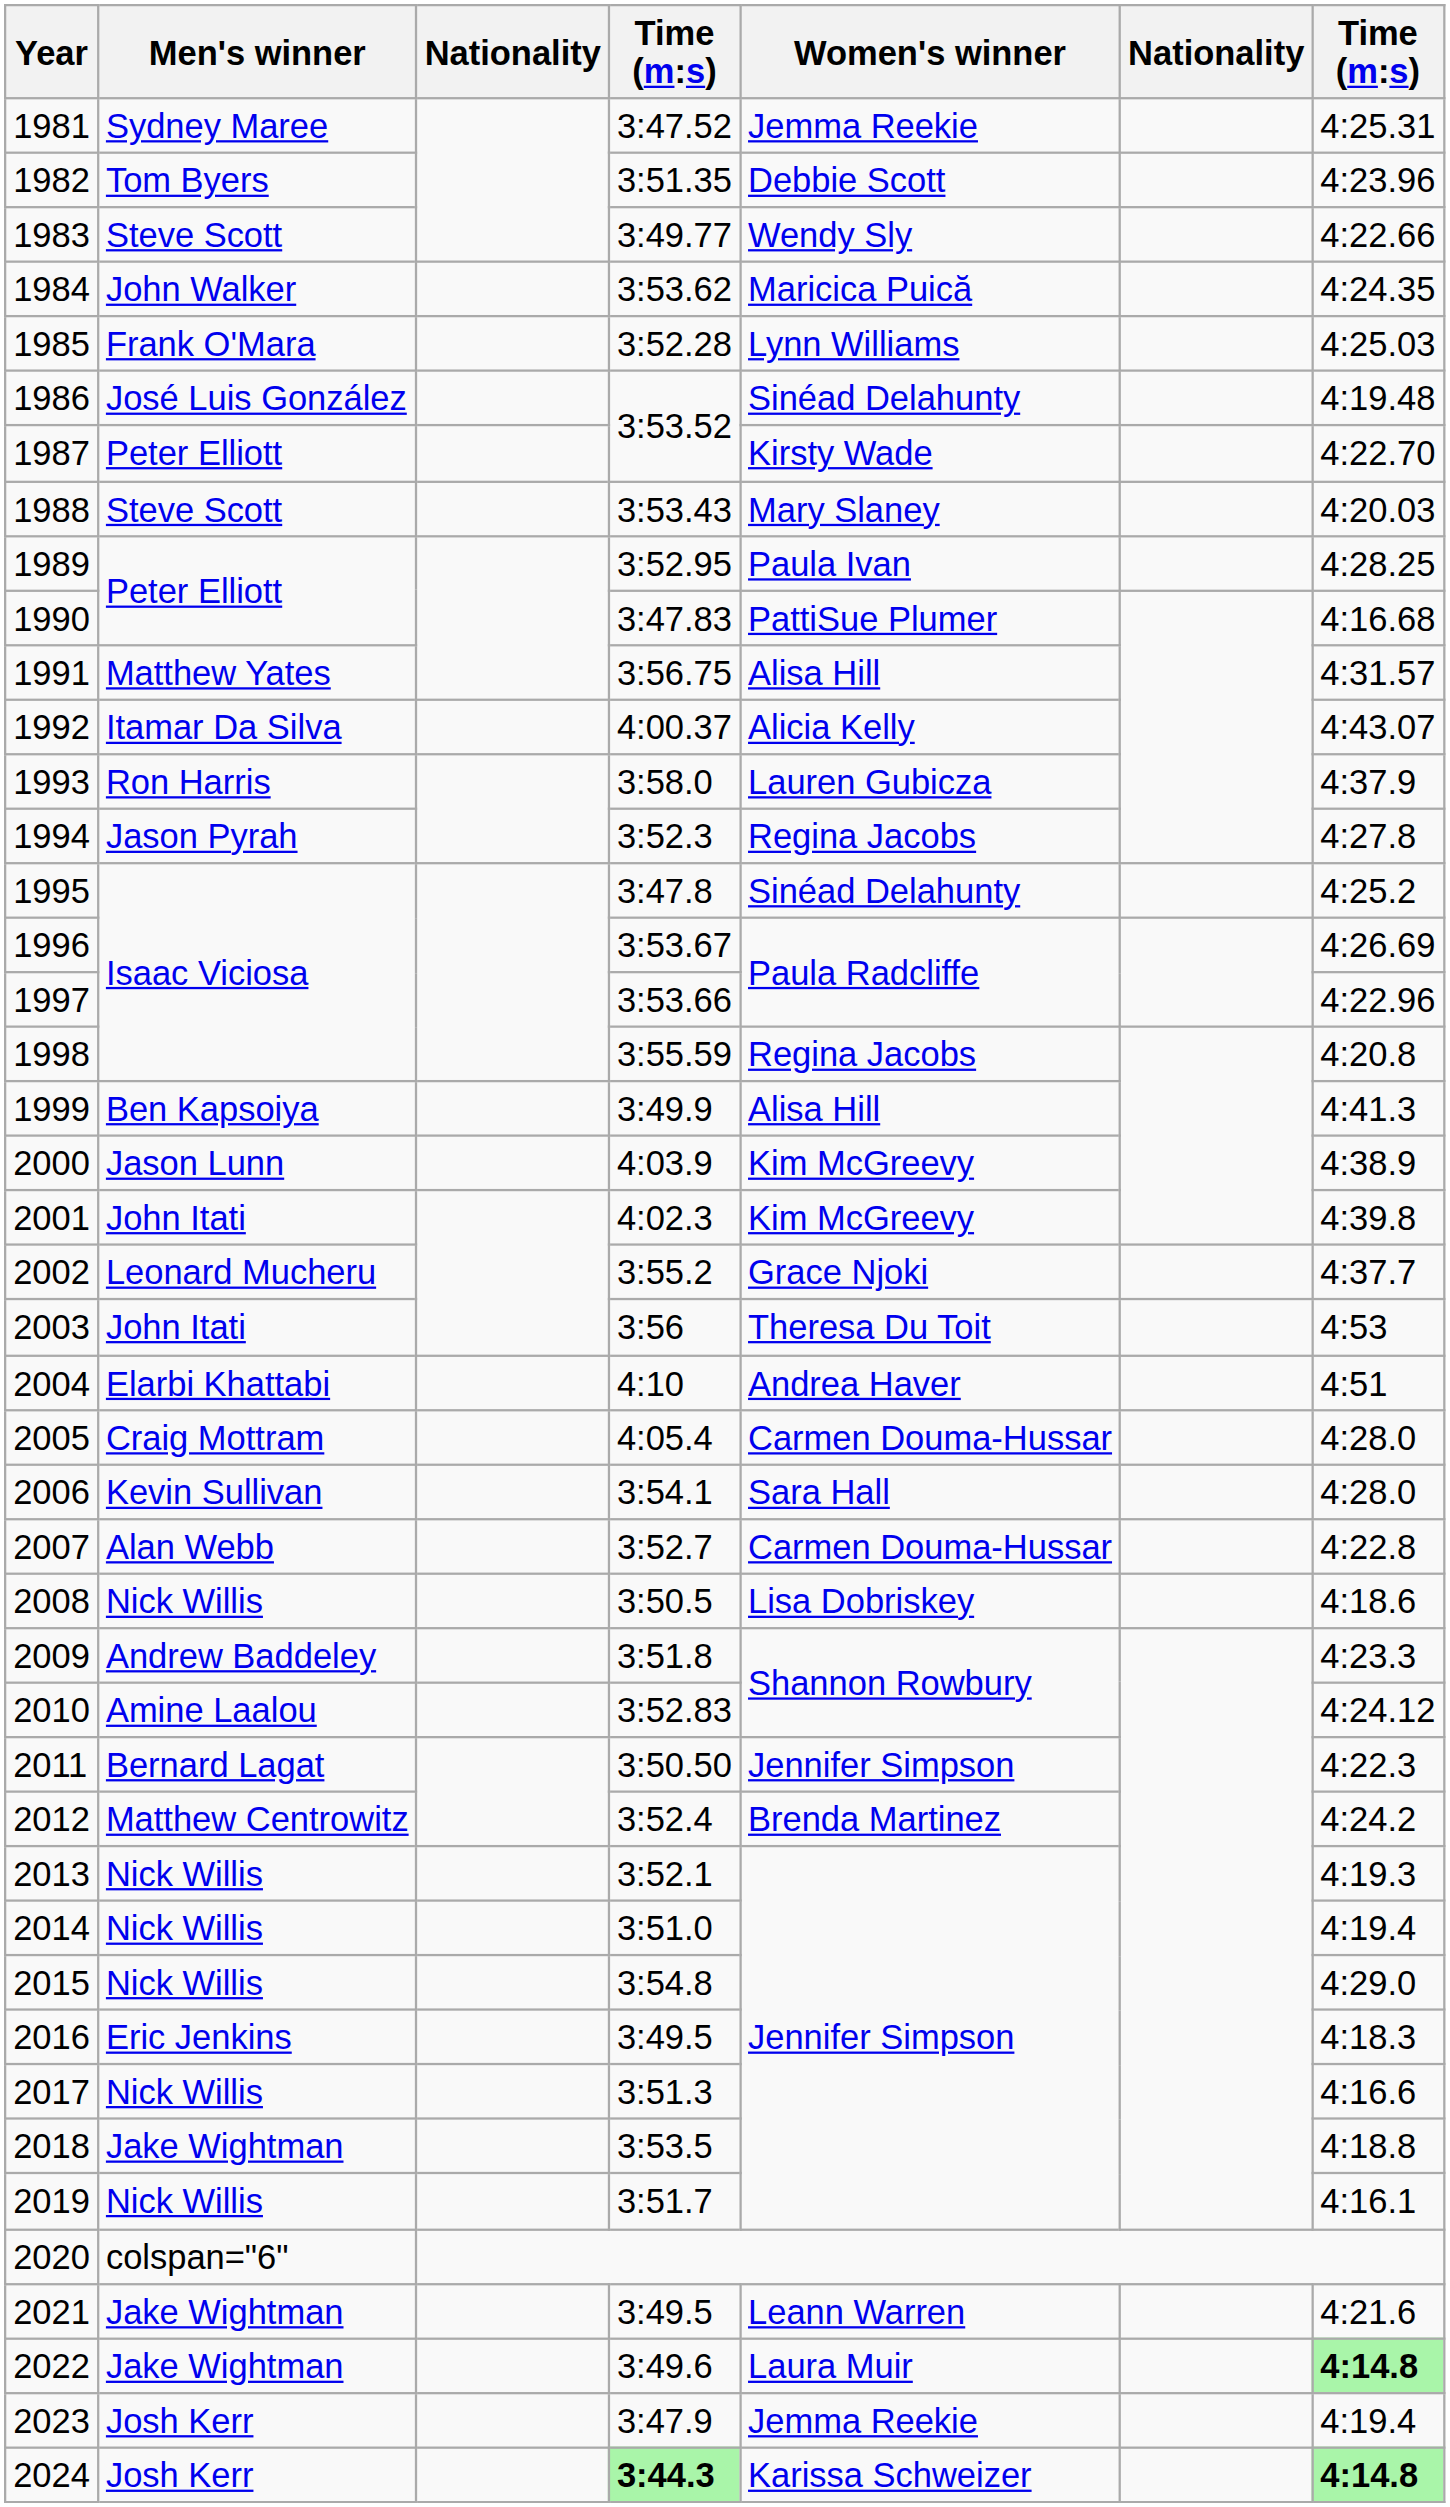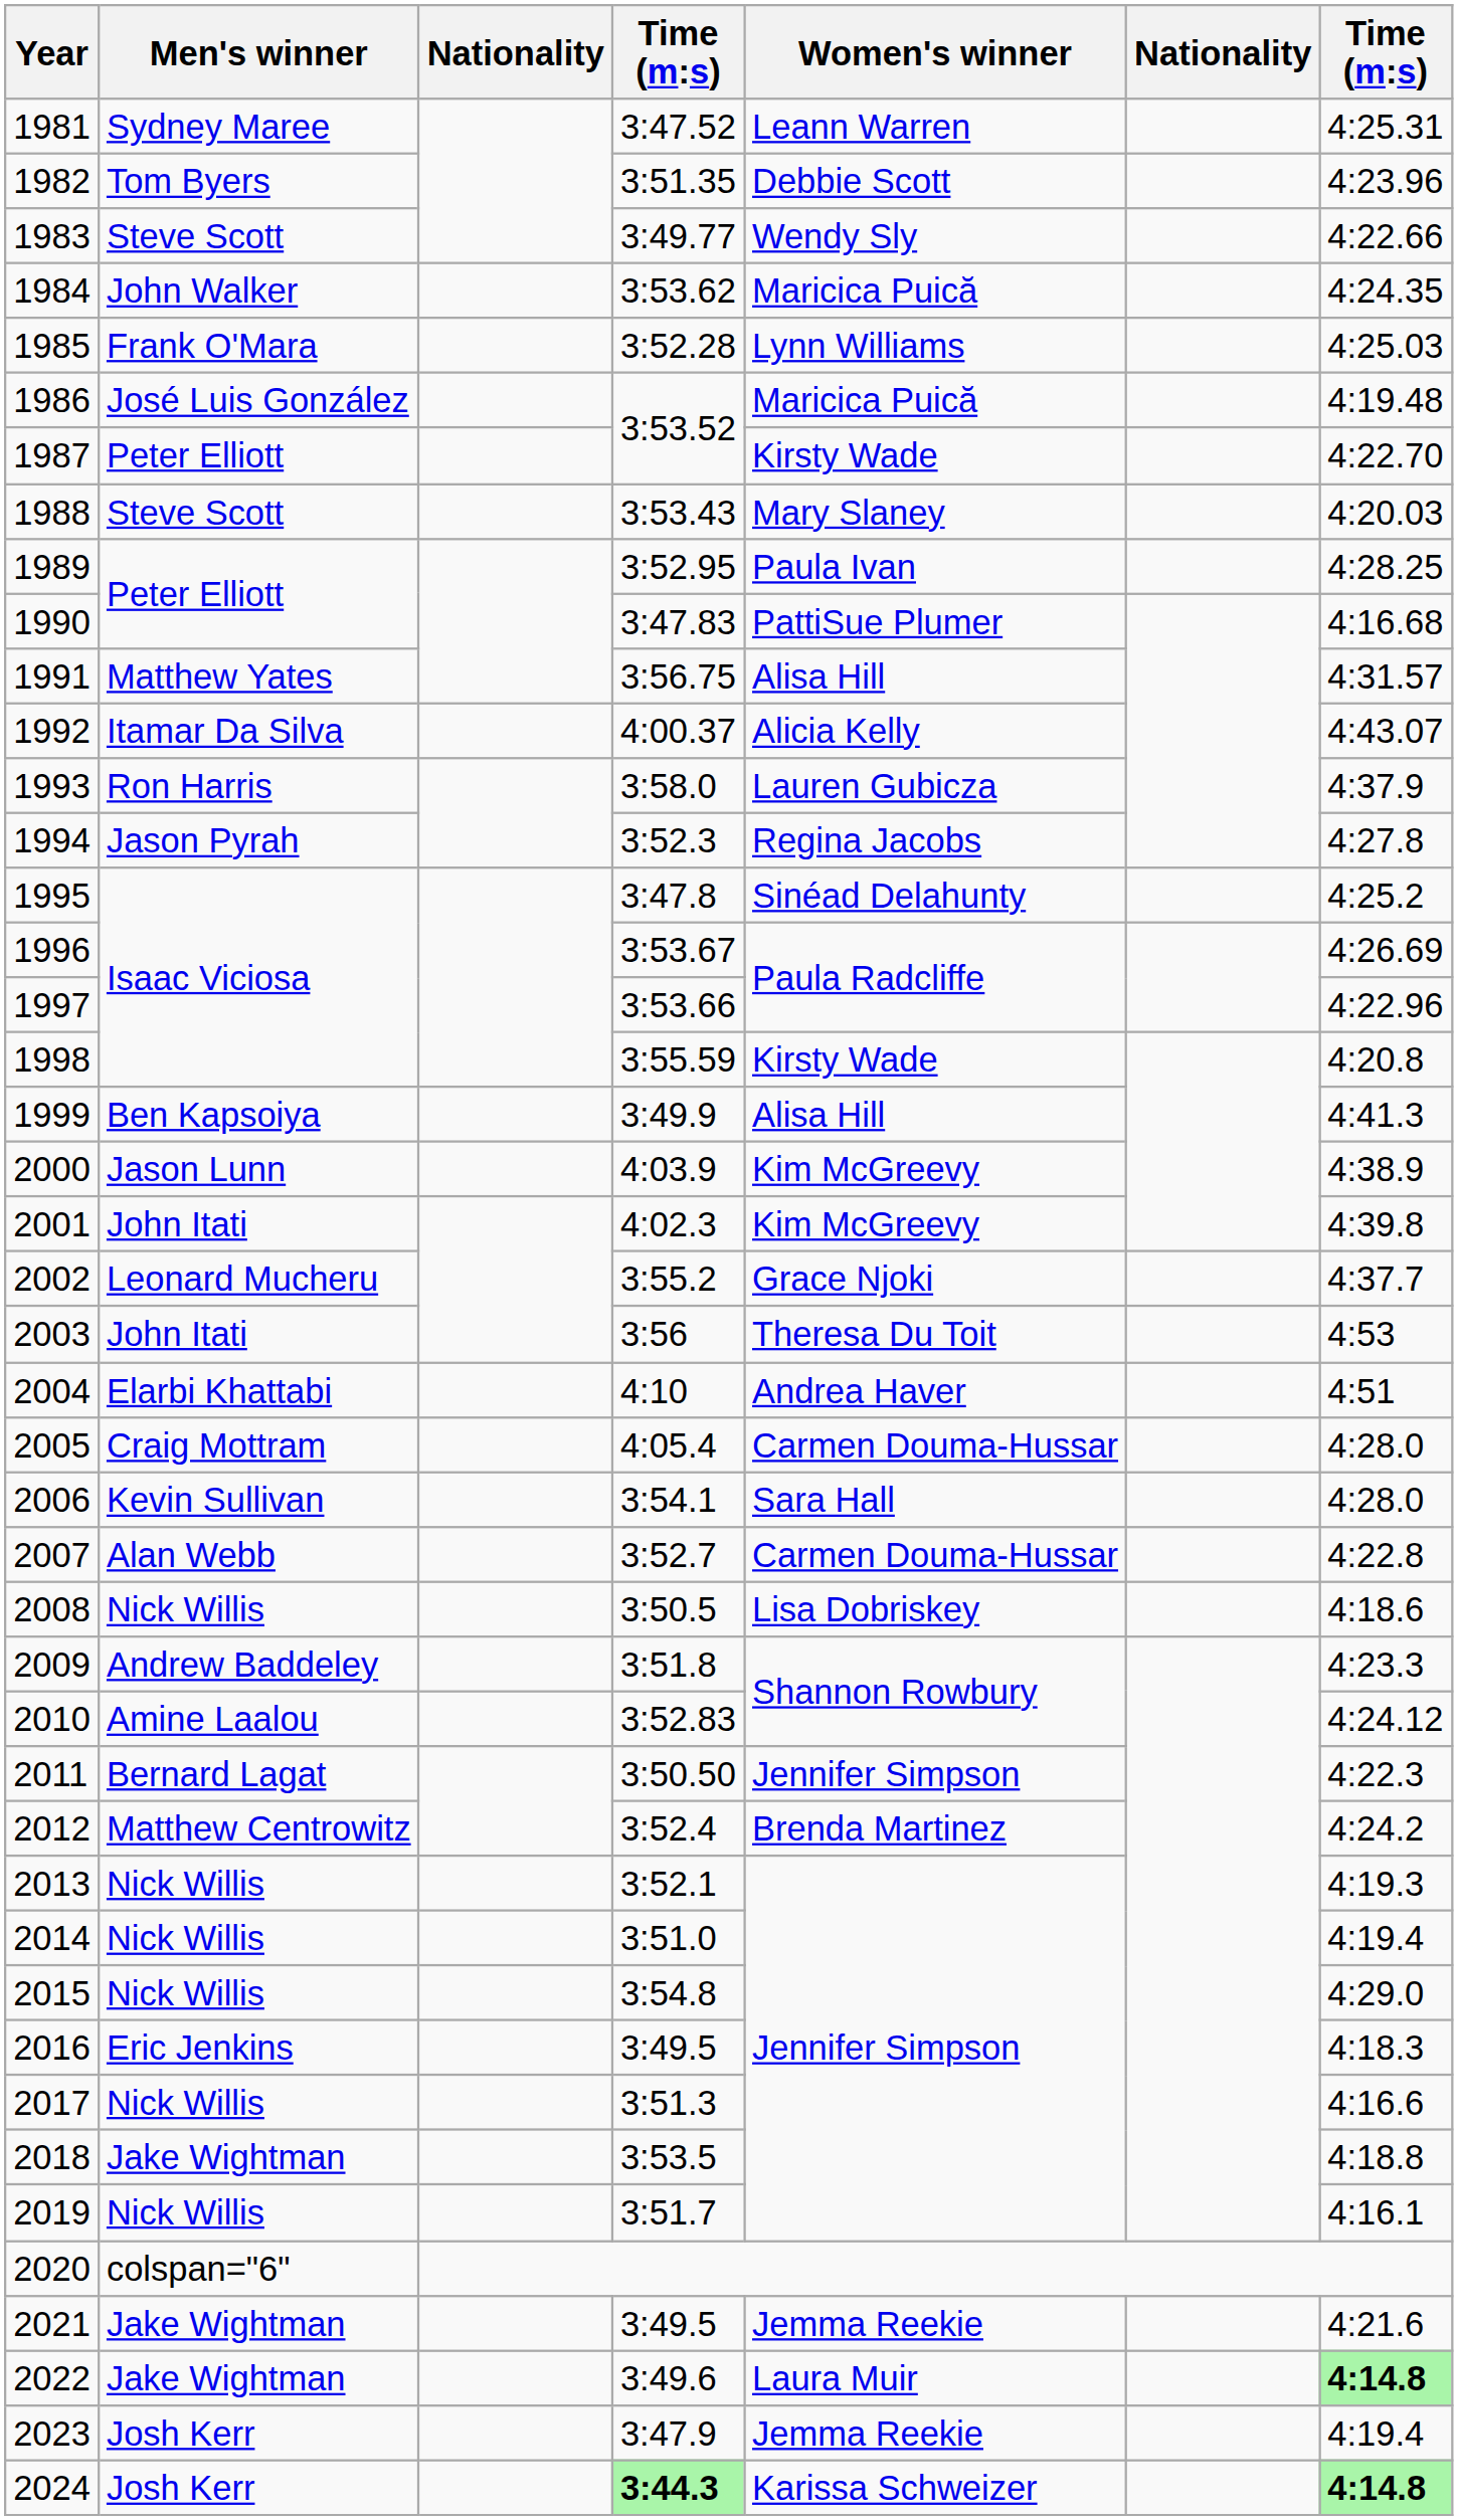 <table class="wikitable sortable" style="font-size: 95%;">
 <tr>
 <th>Year</th>
 <th>Men's winner</th>
 <th>Nationality</th>
 <th>Time<br>(<a href='#'>m</a>:<a href='#'>s</a>)</th>
 <th>Women's winner</th>
 <th>Nationality</th>
 <th>Time<br>(<a href='#'>m</a>:<a href='#'>s</a>)</th>
 </tr>
 <tr>
 <td>1981</td>
 <td><a href='#'>Sydney Maree</a></td>
 <td rowspan="3"></td>
 <td>3:47.52</td>
-<td><a href='#'>Jemma Reekie</a></td>
+<td><a href='#'>Leann Warren</a></td>
 <td></td>
 <td>4:25.31</td>
 </tr>
 <tr>
 <td>1982</td>
 <td><a href='#'>Tom Byers</a></td>
 <td>3:51.35</td>
 <td><a href='#'>Debbie Scott</a></td>
 <td></td>
 <td>4:23.96</td>
 </tr>
 <tr>
 <td>1983</td>
 <td><a href='#'>Steve Scott</a></td>
 <td>3:49.77</td>
 <td><a href='#'>Wendy Sly</a></td>
 <td></td>
 <td>4:22.66</td>
 </tr>
 <tr>
 <td>1984</td>
 <td><a href='#'>John Walker</a></td>
 <td></td>
 <td>3:53.62</td>
 <td><a href='#'>Maricica Puică</a></td>
 <td></td>
 <td>4:24.35</td>
 </tr>
 <tr>
 <td>1985</td>
 <td><a href='#'>Frank O'Mara</a></td>
 <td></td>
 <td>3:52.28</td>
 <td><a href='#'>Lynn Williams</a></td>
 <td></td>
 <td>4:25.03</td>
 </tr>
 <tr>
 <td>1986</td>
 <td><a href='#'>José Luis González</a></td>
 <td></td>
 <td rowspan="2">3:53.52</td>
-<td><a href='#'>Sinéad Delahunty</a></td>
+<td><a href='#'>Maricica Puică</a></td>
 <td></td>
 <td>4:19.48</td>
 </tr>
 <tr>
 <td>1987</td>
 <td><a href='#'>Peter Elliott</a></td>
 <td></td>
 <td><a href='#'>Kirsty Wade</a></td>
 <td></td>
 <td>4:22.70</td>
 </tr>
 <tr>
 <td>1988</td>
 <td><a href='#'>Steve Scott</a></td>
 <td></td>
 <td>3:53.43</td>
 <td><a href='#'>Mary Slaney</a></td>
 <td></td>
 <td>4:20.03</td>
 </tr>
 <tr>
 <td>1989</td>
 <td rowspan="2"><a href='#'>Peter Elliott</a></td>
 <td rowspan="3"></td>
 <td>3:52.95</td>
 <td><a href='#'>Paula Ivan</a></td>
 <td></td>
 <td>4:28.25</td>
 </tr>
 <tr>
 <td>1990</td>
 <td>3:47.83</td>
 <td><a href='#'>PattiSue Plumer</a></td>
 <td rowspan="5"></td>
 <td>4:16.68</td>
 </tr>
 <tr>
 <td>1991</td>
 <td><a href='#'>Matthew Yates</a></td>
 <td>3:56.75</td>
 <td><a href='#'>Alisa Hill</a></td>
 <td>4:31.57</td>
 </tr>
 <tr>
 <td>1992</td>
 <td><a href='#'>Itamar Da Silva</a></td>
 <td></td>
 <td>4:00.37</td>
 <td><a href='#'>Alicia Kelly</a></td>
 <td>4:43.07</td>
 </tr>
 <tr>
 <td>1993</td>
 <td><a href='#'>Ron Harris</a></td>
 <td rowspan="2"></td>
 <td>3:58.0</td>
 <td><a href='#'>Lauren Gubicza</a></td>
 <td>4:37.9</td>
 </tr>
 <tr>
 <td>1994</td>
 <td><a href='#'>Jason Pyrah</a></td>
 <td>3:52.3</td>
 <td><a href='#'>Regina Jacobs</a></td>
 <td>4:27.8</td>
 </tr>
 <tr>
 <td>1995</td>
 <td rowspan="4"><a href='#'>Isaac Viciosa</a></td>
 <td rowspan="4"></td>
 <td>3:47.8</td>
 <td><a href='#'>Sinéad Delahunty</a></td>
 <td></td>
 <td>4:25.2</td>
 </tr>
 <tr>
 <td>1996</td>
 <td>3:53.67</td>
 <td rowspan="2"><a href='#'>Paula Radcliffe</a></td>
 <td rowspan="2"></td>
 <td>4:26.69</td>
 </tr>
 <tr>
 <td>1997</td>
 <td>3:53.66</td>
 <td>4:22.96</td>
 </tr>
 <tr>
 <td>1998</td>
 <td>3:55.59</td>
-<td><a href='#'>Regina Jacobs</a></td>
+<td><a href='#'>Kirsty Wade</a></td>
 <td rowspan="4"></td>
 <td>4:20.8</td>
 </tr>
 <tr>
 <td>1999</td>
 <td><a href='#'>Ben Kapsoiya</a></td>
 <td></td>
 <td>3:49.9</td>
 <td><a href='#'>Alisa Hill</a></td>
 <td>4:41.3</td>
 </tr>
 <tr>
 <td>2000</td>
 <td><a href='#'>Jason Lunn</a></td>
 <td></td>
 <td>4:03.9</td>
 <td><a href='#'>Kim McGreevy</a></td>
 <td>4:38.9</td>
 </tr>
 <tr>
 <td>2001</td>
 <td><a href='#'>John Itati</a></td>
 <td rowspan="3"></td>
 <td>4:02.3</td>
 <td><a href='#'>Kim McGreevy</a></td>
 <td>4:39.8</td>
 </tr>
 <tr>
 <td>2002</td>
 <td><a href='#'>Leonard Mucheru</a></td>
 <td>3:55.2</td>
 <td><a href='#'>Grace Njoki</a></td>
 <td></td>
 <td>4:37.7</td>
 </tr>
 <tr>
 <td>2003</td>
 <td><a href='#'>John Itati</a></td>
 <td>3:56</td>
 <td><a href='#'>Theresa Du Toit</a></td>
 <td></td>
 <td>4:53</td>
 </tr>
 <tr>
 <td>2004</td>
 <td><a href='#'>Elarbi Khattabi</a></td>
 <td></td>
 <td>4:10</td>
 <td><a href='#'>Andrea Haver</a></td>
 <td></td>
 <td>4:51</td>
 </tr>
 <tr>
 <td>2005</td>
 <td><a href='#'>Craig Mottram</a></td>
 <td></td>
 <td>4:05.4</td>
 <td><a href='#'>Carmen Douma-Hussar</a></td>
 <td></td>
 <td>4:28.0</td>
 </tr>
 <tr>
 <td>2006</td>
 <td><a href='#'>Kevin Sullivan</a></td>
 <td></td>
 <td>3:54.1</td>
 <td><a href='#'>Sara Hall</a></td>
 <td></td>
 <td>4:28.0</td>
 </tr>
 <tr>
 <td>2007</td>
 <td><a href='#'>Alan Webb</a></td>
 <td></td>
 <td>3:52.7</td>
 <td><a href='#'>Carmen Douma-Hussar</a></td>
 <td></td>
 <td>4:22.8</td>
 </tr>
 <tr>
 <td>2008</td>
 <td><a href='#'>Nick Willis</a></td>
 <td></td>
 <td>3:50.5</td>
 <td><a href='#'>Lisa Dobriskey</a></td>
 <td></td>
 <td>4:18.6</td>
 </tr>
 <tr>
 <td>2009</td>
 <td><a href='#'>Andrew Baddeley</a></td>
 <td></td>
 <td>3:51.8</td>
 <td rowspan="2"><a href='#'>Shannon Rowbury</a></td>
 <td rowspan="11"></td>
 <td>4:23.3</td>
 </tr>
 <tr>
 <td>2010</td>
 <td><a href='#'>Amine Laalou</a></td>
 <td></td>
 <td>3:52.83</td>
 <td>4:24.12</td>
 </tr>
 <tr>
 <td>2011</td>
 <td><a href='#'>Bernard Lagat</a></td>
 <td rowspan="2"></td>
 <td>3:50.50</td>
 <td><a href='#'>Jennifer Simpson</a></td>
 <td>4:22.3</td>
 </tr>
 <tr>
 <td>2012</td>
 <td><a href='#'>Matthew Centrowitz</a></td>
 <td>3:52.4</td>
 <td><a href='#'>Brenda Martinez</a></td>
 <td>4:24.2</td>
 </tr>
 <tr>
 <td>2013</td>
 <td><a href='#'>Nick Willis</a></td>
 <td></td>
 <td>3:52.1</td>
 <td rowspan="7"><a href='#'>Jennifer Simpson</a></td>
 <td>4:19.3</td>
 </tr>
 <tr>
 <td>2014</td>
 <td><a href='#'>Nick Willis</a></td>
 <td></td>
 <td>3:51.0</td>
 <td>4:19.4</td>
 </tr>
 <tr>
 <td>2015</td>
 <td><a href='#'>Nick Willis</a></td>
 <td></td>
 <td>3:54.8</td>
 <td>4:29.0</td>
 </tr>
 <tr>
 <td>2016</td>
 <td><a href='#'>Eric Jenkins</a></td>
 <td></td>
 <td>3:49.5</td>
 <td>4:18.3</td>
 </tr>
 <tr>
 <td>2017</td>
 <td><a href='#'>Nick Willis</a></td>
 <td></td>
 <td>3:51.3</td>
 <td>4:16.6</td>
 </tr>
 <tr>
 <td>2018</td>
 <td><a href='#'>Jake Wightman</a></td>
 <td></td>
 <td>3:53.5</td>
 <td>4:18.8</td>
 </tr>
 <tr>
 <td>2019</td>
 <td><a href='#'>Nick Willis</a></td>
 <td></td>
 <td>3:51.7</td>
 <td>4:16.1</td>
 </tr>
 <tr>
 <td>2020</td>
 <td>colspan="6" </td>
 </tr>
 <tr>
 <td>2021</td>
 <td><a href='#'>Jake Wightman</a></td>
 <td></td>
 <td>3:49.5</td>
-<td><a href='#'>Leann Warren</a></td>
+<td><a href='#'>Jemma Reekie</a></td>
 <td></td>
 <td>4:21.6</td>
 </tr>
 <tr>
 <td>2022</td>
 <td><a href='#'>Jake Wightman</a></td>
 <td></td>
 <td>3:49.6</td>
 <td><a href='#'>Laura Muir</a></td>
 <td></td>
 <td bgcolor="#A9F5A9"><strong>4:14.8</strong></td>
 </tr>
 <tr>
 <td>2023</td>
 <td><a href='#'>Josh Kerr</a></td>
 <td></td>
 <td>3:47.9</td>
 <td><a href='#'>Jemma Reekie</a></td>
 <td></td>
 <td>4:19.4</td>
 </tr>
 <tr>
 <td>2024</td>
 <td><a href='#'>Josh Kerr</a></td>
 <td></td>
 <td bgcolor=#A9F5A9><strong>3:44.3</strong></td>
 <td><a href='#'>Karissa Schweizer</a></td>
 <td></td>
 <td bgcolor=#A9F5A9><strong>4:14.8</strong></td>
 </tr>
 </table>
